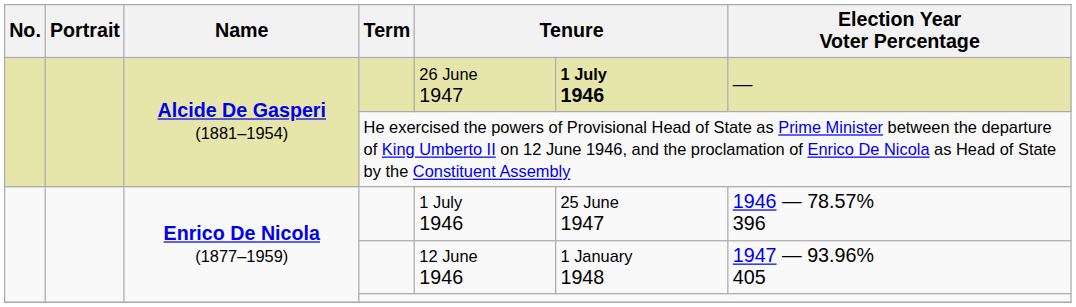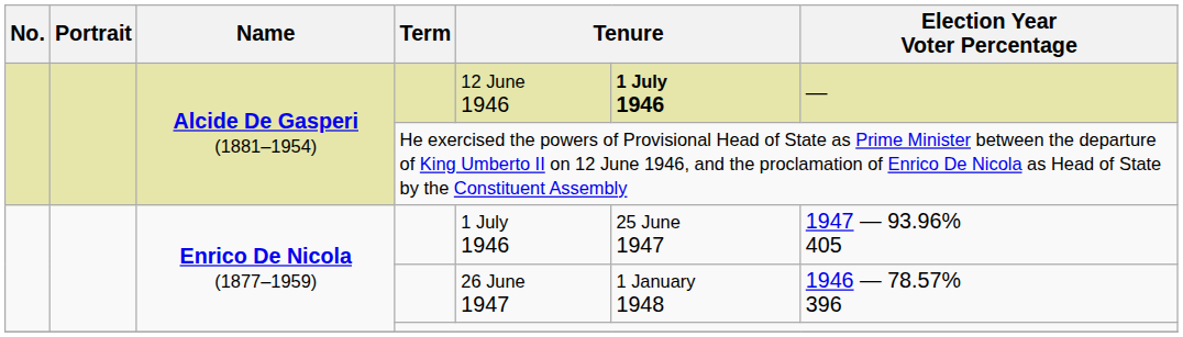 <table class=wikitable>
 <tr>
 <th align=left width=10>No.</th>
 <th>Portrait</th>
 <th width=22%>Name</th>
 <th align=left width=10>Term</th>
 <th align=center colspan=2>Tenure</th>
 <th align=left>Election Year<br>Voter Percentage</th>
 </tr>
 <tr style="background:#e6e6aa;">
 <td align=center rowspan=2 style="background: "></td>
 <td align=center rowspan=2></td>
 <td align=center rowspan=2><strong><a href='#'>Alcide De Gasperi</a></strong><br><small>(1881–1954)</small></td>
 <td align=center style="background: "></td>
-<td><small>26 June</small><br>1947</td>
+<td><small>12 June</small><br>1946</td>
 <td><strong><small>1 July</small><br>1946</strong></td>
 <td>—</td>
 </tr>
 <tr>
 <td colspan=5><small>He exercised the powers of Provisional Head of State as <a href='#'>Prime Minister</a> between the departure of <a href='#'>King Umberto II</a> on 12 June 1946, and the proclamation of <a href='#'>Enrico De Nicola</a> as Head of State by the <a href='#'>Constituent Assembly</a></small></td>
 </tr>
 <tr>
 <td align=center rowspan=3 style="background: "></td>
 <td align=center rowspan=3></td>
 <td align=center rowspan=3><strong><a href='#'>Enrico De Nicola</a></strong><br><small>(1877–1959)</small></td>
 <td align=center style="background: "></td>
 <td><small>1 July</small><br>1946</td>
 <td><small>25 June</small><br>1947</td>
-<td><a href='#'>1946</a> — 78.57%<br>396</td>
+<td><a href='#'>1947</a> — 93.96%<br>405</td>
 </tr>
 <tr>
 <td align=center style="background: "></td>
-<td><small>12 June</small><br>1946</td>
+<td><small>26 June</small><br>1947</td>
 <td><small>1 January</small><br>1948</td>
-<td><a href='#'>1947</a> — 93.96%<br>405</td>
+<td><a href='#'>1946</a> — 78.57%<br>396</td>
 </tr>
 <tr>
 <td colspan=5><small></small></td>
 </tr>
 <tr>
 </tr>
 </table>
